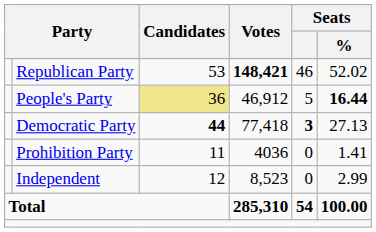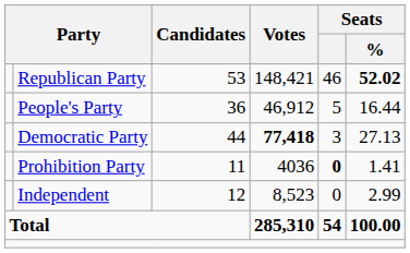 <table class="wikitable">
 <tr>
 <th colspan="2" rowspan="2">Party</th>
 <th rowspan="2">Candidates</th>
 <th colspan="1" rowspan="2">Votes</th>
 <th colspan="2">Seats</th>
 </tr>
 <tr>
 <th></th>
 <th>%</th>
 </tr>
 <tr>
 <td style="background-color:"></td>
 <td><a href='#'>Republican Party</a></td>
 <td align="right">53</td>
-<td align="right"><strong>148,421</strong></td>
+<td align="right">148,421</td>
 <td align="right">46</td>
-<td align="right">52.02</td>
+<td align="right"><strong>52.02</strong></td>
 </tr>
 <tr>
 <td style="background-color:"></td>
 <td><a href='#'>People's Party</a></td>
-<td align="right" style="background: khaki;">36</td>
+<td align="right">36</td>
 <td align="right">46,912</td>
 <td align="right">5</td>
-<td align="right"><strong>16.44</strong></td>
+<td align="right">16.44</td>
 </tr>
 <tr>
 <td style="background-color:"></td>
 <td><a href='#'>Democratic Party</a></td>
-<td align="right"><strong>44</strong></td>
-<td align="right">77,418</td>
-<td align="right"><strong>3</strong></td>
+<td align="right">44</td>
+<td align="right"><strong>77,418</strong></td>
+<td align="right">3</td>
 <td align="right">27.13</td>
 </tr>
 <tr>
 <td style="background-color:"></td>
 <td><a href='#'>Prohibition Party</a></td>
 <td align="right">11</td>
 <td align="right">4036</td>
-<td align="right">0</td>
+<td align="right"><strong>0</strong></td>
 <td align="right">1.41</td>
 </tr>
 <tr>
 <td style="background-color:"></td>
 <td><a href='#'>Independent</a></td>
 <td align="right">12</td>
 <td align="right">8,523</td>
 <td align="right">0</td>
 <td align="right">2.99</td>
 </tr>
 <tr>
 <td colspan="3" align="left"><strong>Total</strong></td>
 <td align="right"><strong>285,310</strong></td>
 <td align="right"><strong>54</strong></td>
 <td align="right"><strong>100.00</strong></td>
 </tr>
 <tr>
 <td colspan="6"></td>
 </tr>
 </table>
